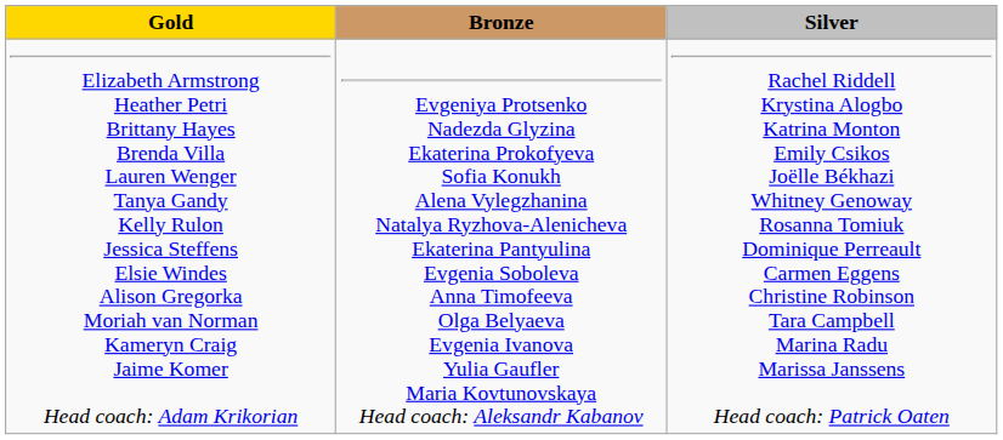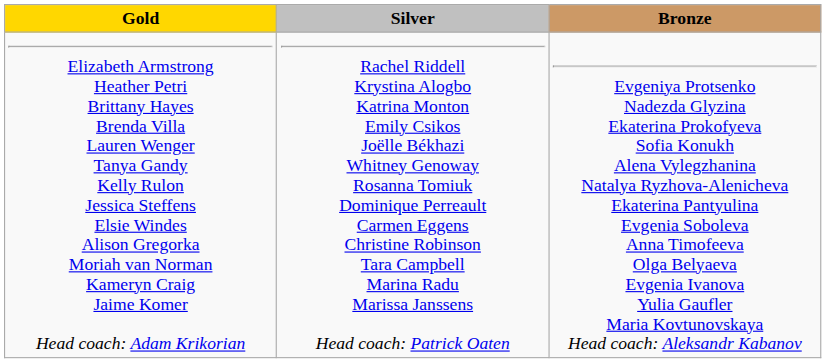 <table class="wikitable">
 <tr>
 <th style="text-align:center; width:15em; background-color:gold;">Gold</th>
+<th style="text-align:center; width:15em; background-color:silver;">Silver</th>
 <th style="text-align:center; width:15em; background-color:#CC9966;">Bronze</th>
-<th style="text-align:center; width:15em; background-color:silver;">Silver</th>
 </tr>
 <tr>
 <td style="text-align:center; vertical-align:top;"><strong></strong> <hr><a href='#'>Elizabeth Armstrong</a><br><a href='#'>Heather Petri</a><br><a href='#'>Brittany Hayes</a><br><a href='#'>Brenda Villa</a><br><a href='#'>Lauren Wenger</a><br><a href='#'>Tanya Gandy</a><br><a href='#'>Kelly Rulon</a><br><a href='#'>Jessica Steffens</a><br><a href='#'>Elsie Windes</a><br><a href='#'>Alison Gregorka</a><br><a href='#'>Moriah van Norman</a><br><a href='#'>Kameryn Craig</a><br><a href='#'>Jaime Komer</a><br><br><em>Head coach: <a href='#'>Adam Krikorian</a></em></td>
+<td style="text-align:center; vertical-align:top;"><strong></strong> <hr><a href='#'>Rachel Riddell</a><br><a href='#'>Krystina Alogbo</a><br><a href='#'>Katrina Monton</a><br><a href='#'>Emily Csikos</a><br><a href='#'>Joëlle Békhazi</a><br><a href='#'>Whitney Genoway</a><br><a href='#'>Rosanna Tomiuk</a><br><a href='#'>Dominique Perreault</a><br><a href='#'>Carmen Eggens</a><br><a href='#'>Christine Robinson</a><br><a href='#'>Tara Campbell</a><br><a href='#'>Marina Radu</a><br><a href='#'>Marissa Janssens</a><br><br><em>Head coach: <a href='#'>Patrick Oaten</a></em></td>
 <td style="text-align:center; vertical-align:top;"><strong></strong> <br><hr><a href='#'>Evgeniya Protsenko</a><br><a href='#'>Nadezda Glyzina</a><br><a href='#'>Ekaterina Prokofyeva</a><br><a href='#'>Sofia Konukh</a><br><a href='#'>Alena Vylegzhanina</a><br><a href='#'>Natalya Ryzhova-Alenicheva</a><br><a href='#'>Ekaterina Pantyulina</a><br><a href='#'>Evgenia Soboleva</a><br><a href='#'>Anna Timofeeva</a><br><a href='#'>Olga Belyaeva</a><br><a href='#'>Evgenia Ivanova</a><br><a href='#'>Yulia Gaufler</a><br><a href='#'>Maria Kovtunovskaya</a><br><em>Head coach: <a href='#'>Aleksandr Kabanov</a></em></td>
-<td style="text-align:center; vertical-align:top;"><strong></strong> <hr><a href='#'>Rachel Riddell</a><br><a href='#'>Krystina Alogbo</a><br><a href='#'>Katrina Monton</a><br><a href='#'>Emily Csikos</a><br><a href='#'>Joëlle Békhazi</a><br><a href='#'>Whitney Genoway</a><br><a href='#'>Rosanna Tomiuk</a><br><a href='#'>Dominique Perreault</a><br><a href='#'>Carmen Eggens</a><br><a href='#'>Christine Robinson</a><br><a href='#'>Tara Campbell</a><br><a href='#'>Marina Radu</a><br><a href='#'>Marissa Janssens</a><br><br><em>Head coach: <a href='#'>Patrick Oaten</a></em></td>
 </tr>
 </table>
